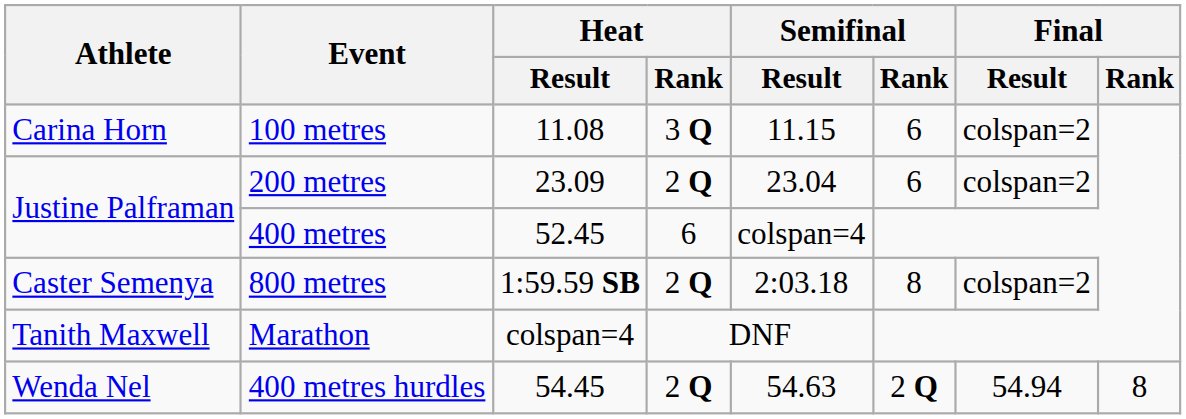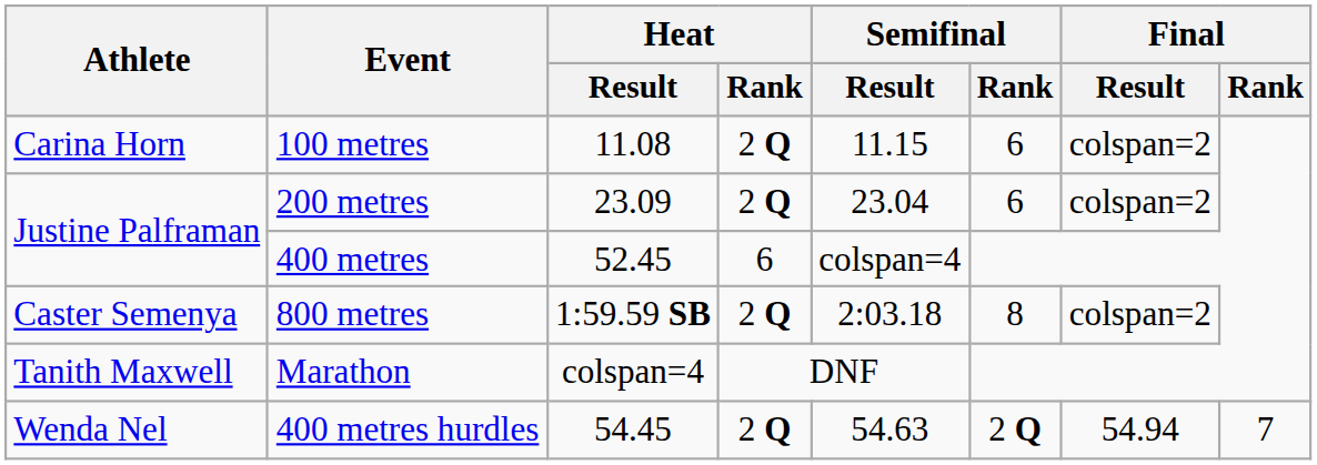 <table class="wikitable" style="font-size:90%">
 <tr>
 <th rowspan="2">Athlete</th>
 <th rowspan="2">Event</th>
 <th colspan="2">Heat</th>
 <th colspan="2">Semifinal</th>
 <th colspan="2">Final</th>
 </tr>
 <tr style="font-size:95%">
 <th>Result</th>
 <th>Rank</th>
 <th>Result</th>
 <th>Rank</th>
 <th>Result</th>
 <th>Rank</th>
 </tr>
 <tr style=text-align:center>
 <td style=text-align:left><a href='#'>Carina Horn</a></td>
 <td style=text-align:left><a href='#'>100 metres</a></td>
 <td>11.08</td>
-<td>3 <strong>Q</strong></td>
+<td>2 <strong>Q</strong></td>
 <td>11.15</td>
 <td>6</td>
 <td>colspan=2 </td>
 </tr>
 <tr style=text-align:center>
 <td style=text-align:left rowspan=2><a href='#'>Justine Palframan</a></td>
 <td style=text-align:left><a href='#'>200 metres</a></td>
 <td>23.09</td>
 <td>2 <strong>Q</strong></td>
 <td>23.04</td>
 <td>6</td>
 <td>colspan=2 </td>
 </tr>
 <tr style=text-align:center>
 <td style=text-align:left><a href='#'>400 metres</a></td>
 <td>52.45</td>
 <td>6</td>
 <td>colspan=4 </td>
 </tr>
 <tr style=text-align:center>
 <td style=text-align:left><a href='#'>Caster Semenya</a></td>
 <td style=text-align:left><a href='#'>800 metres</a></td>
 <td>1:59.59 <strong>SB</strong></td>
 <td>2 <strong>Q</strong></td>
 <td>2:03.18</td>
 <td>8</td>
 <td>colspan=2 </td>
 </tr>
 <tr style=text-align:center>
 <td style=text-align:left><a href='#'>Tanith Maxwell</a></td>
 <td style=text-align:left><a href='#'>Marathon</a></td>
 <td>colspan=4 </td>
 <td colspan=2>DNF</td>
 </tr>
 <tr style=text-align:center>
 <td style=text-align:left><a href='#'>Wenda Nel</a></td>
 <td style=text-align:left><a href='#'>400 metres hurdles</a></td>
 <td>54.45</td>
 <td>2 <strong>Q</strong></td>
 <td>54.63</td>
 <td>2 <strong>Q</strong></td>
 <td>54.94</td>
-<td>8</td>
+<td>7</td>
 </tr>
 </table>
